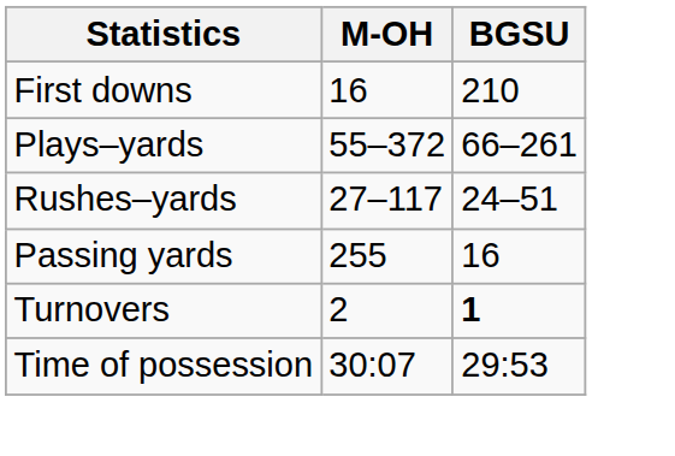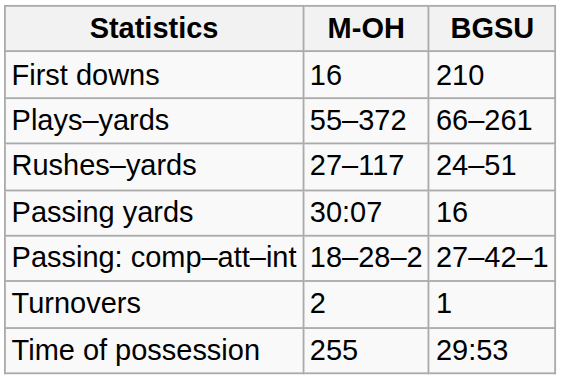 <table class="wikitable" style="float:left">
 <tr>
 <th>Statistics</th>
 <th>M-OH</th>
 <th>BGSU</th>
 </tr>
 <tr>
 <td>First downs</td>
 <td>16</td>
 <td>210</td>
 </tr>
 <tr>
 <td>Plays–yards</td>
 <td>55–372</td>
 <td>66–261</td>
 </tr>
 <tr>
 <td>Rushes–yards</td>
 <td>27–117</td>
 <td>24–51</td>
 </tr>
 <tr>
 <td>Passing yards</td>
-<td>255</td>
+<td>30:07</td>
 <td>16</td>
+</tr>
+<tr>
+<td>Passing: comp–att–int</td>
+<td>18–28–2</td>
+<td>27–42–1</td>
 </tr>
 <tr>
 <td>Turnovers</td>
 <td>2</td>
-<td><strong>1</strong></td>
+<td>1</td>
 </tr>
 <tr>
 <td>Time of possession</td>
-<td>30:07</td>
+<td>255</td>
 <td>29:53</td>
 </tr>
 </table>
